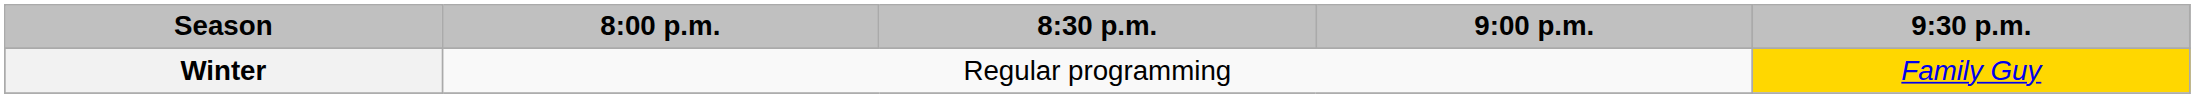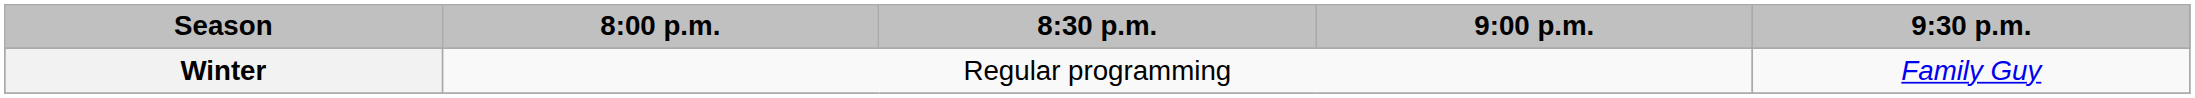 <table class="wikitable" style="width:100%;margin-right:0;text-align:center">
 <tr>
 <th ! style="background-color:#C0C0C0;text-align:center;width:11.5%;">Season</th>
 <th style="background-color:#C0C0C0;text-align:center;width:11.5%;">8:00 p.m.</th>
 <th style="background-color:#C0C0C0;text-align:center;width:11.5%;">8:30 p.m.</th>
 <th style="background-color:#C0C0C0;text-align:center;width:11.5%;">9:00 p.m.</th>
 <th style="background-color:#C0C0C0;text-align:center;width:11.5%;">9:30 p.m.</th>
 </tr>
 <tr>
 <th>Winter</th>
 <td colspan="3">Regular programming</td>
-<td style="background: gold;"><em><a href='#'>Family Guy</a></em></td>
+<td><em><a href='#'>Family Guy</a></em></td>
 </tr>
 </table>
